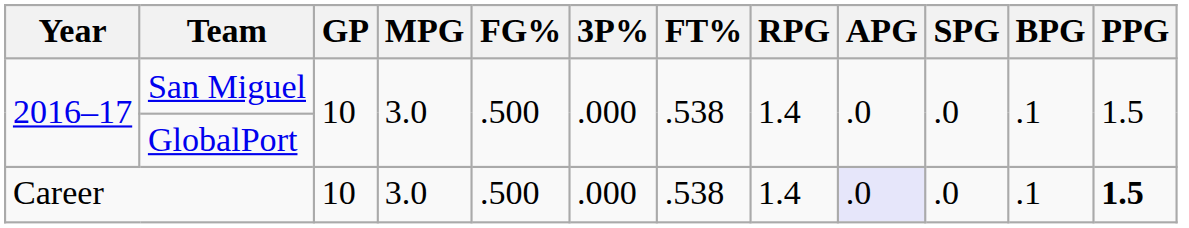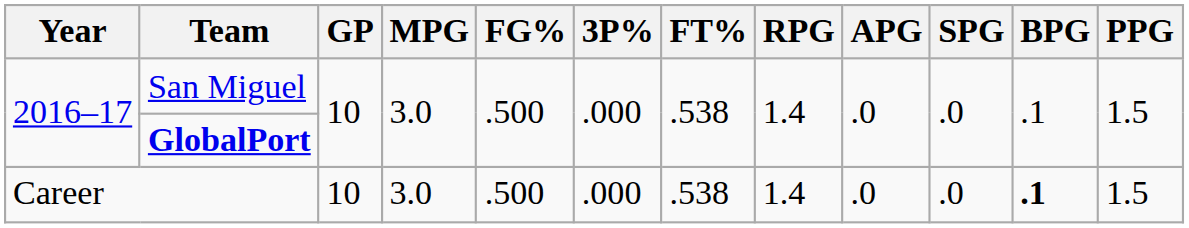 <table class="wikitable sortable">
 <tr>
 <th>Year</th>
 <th>Team</th>
 <th>GP</th>
 <th>MPG</th>
 <th>FG%</th>
 <th>3P%</th>
 <th>FT%</th>
 <th>RPG</th>
 <th>APG</th>
 <th>SPG</th>
 <th>BPG</th>
 <th>PPG</th>
 </tr>
 <tr>
 <td rowspan="2"><a href='#'>2016–17</a></td>
 <td><a href='#'>San Miguel</a></td>
 <td rowspan="2">10</td>
 <td rowspan="2">3.0</td>
 <td rowspan="2">.500</td>
 <td rowspan="2">.000</td>
 <td rowspan="2">.538</td>
 <td rowspan="2">1.4</td>
 <td rowspan="2">.0</td>
 <td rowspan="2">.0</td>
 <td rowspan="2">.1</td>
 <td rowspan="2">1.5</td>
 </tr>
 <tr>
-<td><a href='#'>GlobalPort</a></td>
+<td><strong><a href='#'>GlobalPort</a></strong></td>
 </tr>
 <tr>
 <td colspan="2">Career</td>
 <td>10</td>
 <td>3.0</td>
 <td>.500</td>
 <td>.000</td>
 <td>.538</td>
 <td>1.4</td>
-<td style="background: lavender;">.0</td>
 <td>.0</td>
-<td>.1</td>
-<td><strong>1.5</strong></td>
+<td>.0</td>
+<td><strong>.1</strong></td>
+<td>1.5</td>
 </tr>
 </table>
